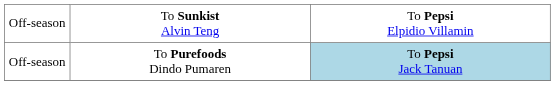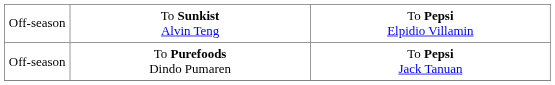 <table border="1" style="border-collapse:collapse; text-align: center" cellpadding="5">
 <tr>
 <td style="width:12%">Off-season</td>
 <td style="width:44%" valign="top">To <strong>Sunkist</strong><br><a href='#'>Alvin Teng</a></td>
 <td style="width:44%" valign="top">To <strong>Pepsi</strong><br><a href='#'>Elpidio Villamin</a></td>
 </tr>
 <tr>
 <td style="width:12%">Off-season</td>
 <td style="width:44%" valign="top">To <strong>Purefoods</strong><br>Dindo Pumaren</td>
-<td style="background: lightblue; width:44%" valign="top">To <strong>Pepsi</strong><br><a href='#'>Jack Tanuan</a></td>
+<td style="width:44%" valign="top">To <strong>Pepsi</strong><br><a href='#'>Jack Tanuan</a></td>
 </tr>
 <tr>
 </tr>
 </table>
